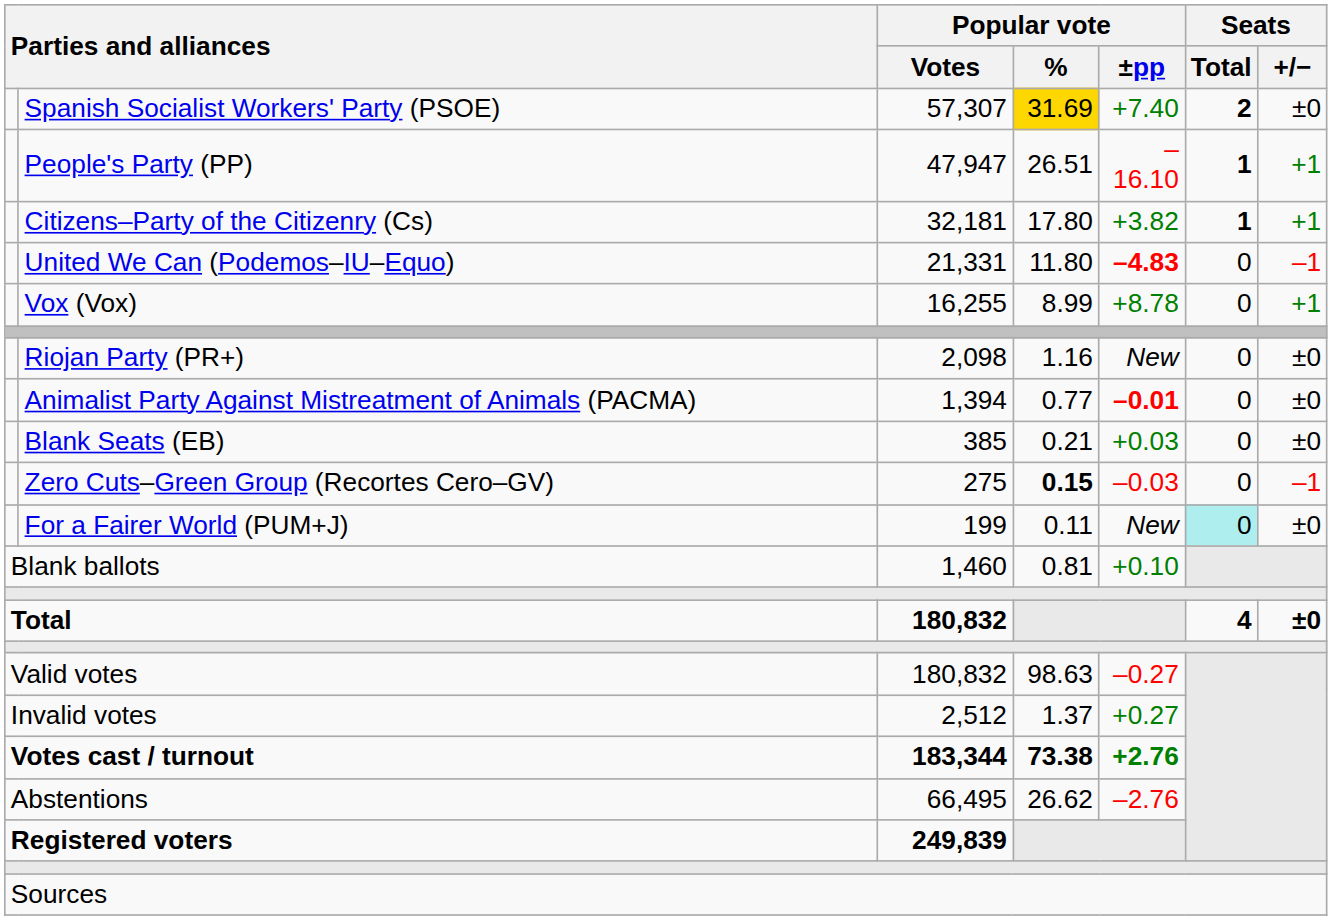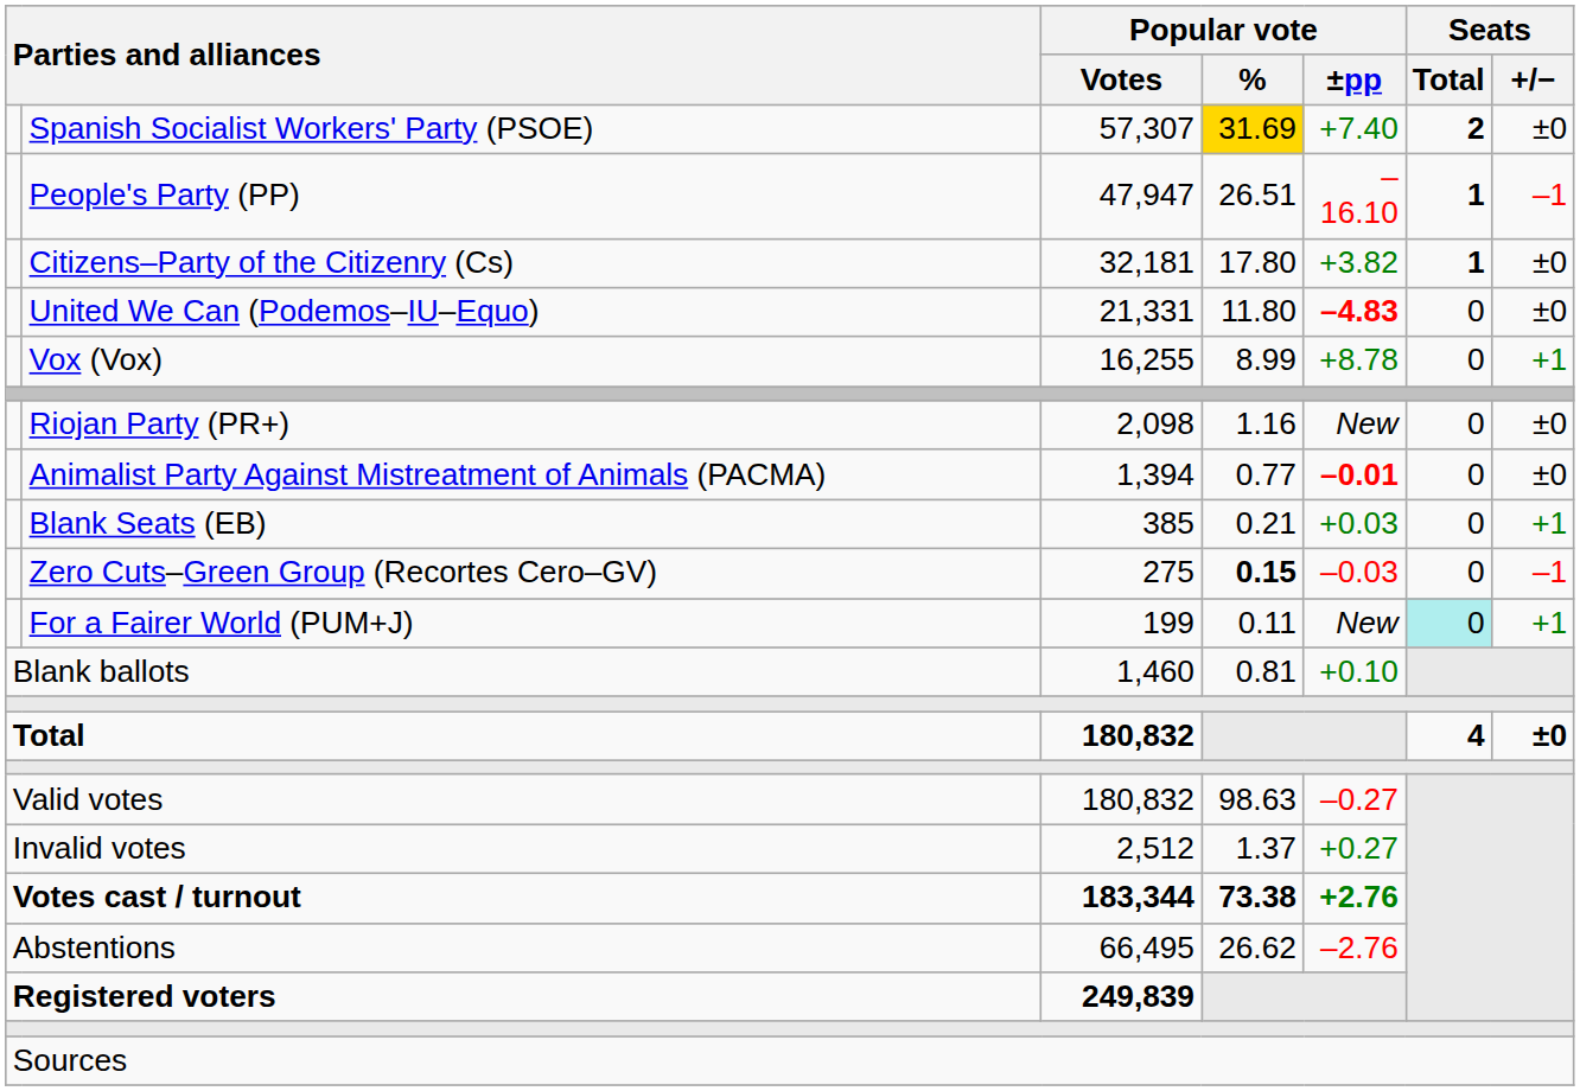 <table class="wikitable" style="text-align:right;">
 <tr>
 <th style="text-align:left;" rowspan="2" colspan="2" width="525">Parties and alliances</th>
 <th colspan="3">Popular vote</th>
 <th colspan="2">Seats</th>
 </tr>
 <tr>
 <th width="75">Votes</th>
 <th width="45">%</th>
 <th width="45">±<a href='#'>pp</a></th>
 <th width="35">Total</th>
 <th width="35">+/−</th>
 </tr>
 <tr>
 <td width="1" style="color:inherit;background:"></td>
 <td align="left"><a href='#'>Spanish Socialist Workers' Party</a> (PSOE)</td>
 <td>57,307</td>
 <td style="background: gold;">31.69</td>
 <td style="color:green;">+7.40</td>
 <td><strong>2</strong></td>
 <td>±0</td>
 </tr>
 <tr>
 <td style="color:inherit;background:"></td>
 <td align="left"><a href='#'>People's Party</a> (PP)</td>
 <td>47,947</td>
 <td>26.51</td>
 <td style="color:red;">–16.10</td>
 <td><strong>1</strong></td>
-<td style="color:green;">+1</td>
+<td style="color:red;">–1</td>
 </tr>
 <tr>
 <td style="color:inherit;background:"></td>
 <td align="left"><a href='#'>Citizens–Party of the Citizenry</a> (Cs)</td>
 <td>32,181</td>
 <td>17.80</td>
 <td style="color:green;">+3.82</td>
 <td><strong>1</strong></td>
-<td style="color:green;">+1</td>
+<td>±0</td>
 </tr>
 <tr>
 <td style="color:inherit;background:"></td>
 <td align="left"><a href='#'>United We Can</a> (<a href='#'>Podemos</a>–<a href='#'>IU</a>–<a href='#'>Equo</a>)</td>
 <td>21,331</td>
 <td>11.80</td>
 <td style="color:red;"><strong>–4.83</strong></td>
 <td>0</td>
-<td style="color:red;">–1</td>
+<td>±0</td>
 </tr>
 <tr>
 <td style="color:inherit;background:"></td>
 <td align="left"><a href='#'>Vox</a> (Vox)</td>
 <td>16,255</td>
 <td>8.99</td>
 <td style="color:green;">+8.78</td>
 <td>0</td>
 <td style="color:green;">+1</td>
 </tr>
 <tr>
 <td colspan="7" bgcolor="#C0C0C0"></td>
 </tr>
 <tr>
 <td style="color:inherit;background:"></td>
 <td align="left"><a href='#'>Riojan Party</a> (PR+)</td>
 <td>2,098</td>
 <td>1.16</td>
 <td><em>New</em></td>
 <td>0</td>
 <td>±0</td>
 </tr>
 <tr>
 <td style="color:inherit;background:"></td>
 <td align="left"><a href='#'>Animalist Party Against Mistreatment of Animals</a> (PACMA)</td>
 <td>1,394</td>
 <td>0.77</td>
 <td style="color:red;"><strong>–0.01</strong></td>
 <td>0</td>
 <td>±0</td>
 </tr>
 <tr>
 <td style="color:inherit;background:"></td>
 <td align="left"><a href='#'>Blank Seats</a> (EB)</td>
 <td>385</td>
 <td>0.21</td>
 <td style="color:green;">+0.03</td>
 <td>0</td>
-<td>±0</td>
+<td style="color:green;">+1</td>
 </tr>
 <tr>
 <td style="color:inherit;background:"></td>
 <td align="left"><a href='#'>Zero Cuts</a>–<a href='#'>Green Group</a> (Recortes Cero–GV)</td>
 <td>275</td>
 <td><strong>0.15</strong></td>
 <td style="color:red;">–0.03</td>
 <td>0</td>
 <td style="color:red;">–1</td>
 </tr>
 <tr>
 <td style="color:inherit;background:"></td>
 <td align="left"><a href='#'>For a Fairer World</a> (PUM+J)</td>
 <td>199</td>
 <td>0.11</td>
 <td><em>New</em></td>
 <td style="background: paleturquoise;">0</td>
-<td>±0</td>
+<td style="color:green;">+1</td>
 </tr>
 <tr>
 <td align="left" colspan="2">Blank ballots</td>
 <td>1,460</td>
 <td>0.81</td>
 <td style="color:green;">+0.10</td>
 <td bgcolor="#E9E9E9" colspan="2"></td>
 </tr>
 <tr>
 <td colspan="7" bgcolor="#E9E9E9"></td>
 </tr>
 <tr style="font-weight:bold;">
 <td align="left" colspan="2">Total</td>
 <td>180,832</td>
 <td bgcolor="#E9E9E9" colspan="2"></td>
 <td>4</td>
 <td>±0</td>
 </tr>
 <tr>
 <td colspan="7" bgcolor="#E9E9E9"></td>
 </tr>
 <tr>
 <td align="left" colspan="2">Valid votes</td>
 <td>180,832</td>
 <td>98.63</td>
 <td style="color:red;">–0.27</td>
 <td bgcolor="#E9E9E9" colspan="2" rowspan="5"></td>
 </tr>
 <tr>
 <td align="left" colspan="2">Invalid votes</td>
 <td>2,512</td>
 <td>1.37</td>
 <td style="color:green;">+0.27</td>
 </tr>
 <tr style="font-weight:bold;">
 <td align="left" colspan="2">Votes cast / turnout</td>
 <td>183,344</td>
 <td>73.38</td>
 <td style="color:green;">+2.76</td>
 </tr>
 <tr>
 <td align="left" colspan="2">Abstentions</td>
 <td>66,495</td>
 <td>26.62</td>
 <td style="color:red;">–2.76</td>
 </tr>
 <tr style="font-weight:bold;">
 <td align="left" colspan="2">Registered voters</td>
 <td>249,839</td>
 <td bgcolor="#E9E9E9" colspan="2"></td>
 </tr>
 <tr>
 <td colspan="7" bgcolor="#E9E9E9"></td>
 </tr>
 <tr>
 <td align="left" colspan="7">Sources</td>
 </tr>
 </table>
